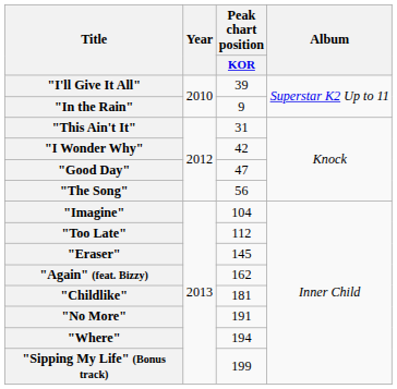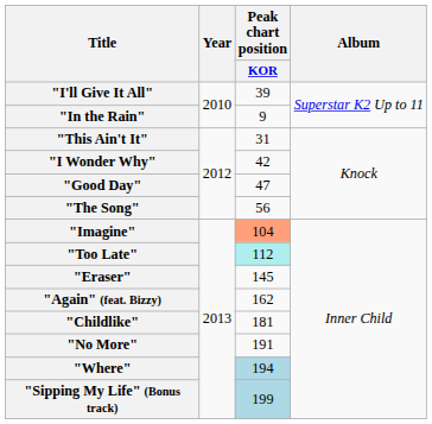 <table class="wikitable plainrowheaders" style="text-align:center;">
 <tr>
 <th scope="col" rowspan="2" style="width:13em;">Title</th>
 <th scope="col" rowspan="2">Year</th>
 <th scope="col" colspan="1">Peak chart position</th>
 <th scope="col" rowspan="2">Album</th>
 </tr>
 <tr>
 <th scope="col" style="width:2.5em;font-size:90%;"><a href='#'>KOR</a><br></th>
 </tr>
 <tr>
 <th scope="row">"I'll Give It All"</th>
 <td rowspan="2">2010</td>
 <td>39</td>
 <td rowspan="2"><em><a href='#'>Superstar K2</a> Up to 11</em></td>
 </tr>
 <tr>
 <th scope="row">"In the Rain"</th>
 <td>9</td>
 </tr>
 <tr>
 <th scope="row">"This Ain't It"</th>
 <td rowspan="4">2012</td>
 <td>31</td>
 <td rowspan="4"><em>Knock</em></td>
 </tr>
 <tr>
 <th scope="row">"I Wonder Why"</th>
 <td>42</td>
 </tr>
 <tr>
 <th scope="row">"Good Day"</th>
 <td>47</td>
 </tr>
 <tr>
 <th scope="row">"The Song"</th>
 <td>56</td>
 </tr>
 <tr>
 <th scope="row">"Imagine"</th>
 <td rowspan="8">2013</td>
-<td>104</td>
+<td style="background: lightsalmon;">104</td>
 <td rowspan="8"><em>Inner Child</em></td>
 </tr>
 <tr>
 <th scope="row">"Too Late"</th>
-<td>112</td>
+<td style="background: paleturquoise;">112</td>
 </tr>
 <tr>
 <th scope="row">"Eraser"</th>
 <td>145</td>
 </tr>
 <tr>
 <th scope="row">"Again" <small>(feat. Bizzy)</small></th>
 <td>162</td>
 </tr>
 <tr>
 <th scope="row">"Childlike"</th>
 <td>181</td>
 </tr>
 <tr>
 <th scope="row">"No More"</th>
 <td>191</td>
 </tr>
 <tr>
 <th scope="row">"Where"</th>
-<td>194</td>
+<td style="background: lightblue;">194</td>
 </tr>
 <tr>
 <th scope="row">"Sipping My Life" <small>(Bonus track)</small></th>
-<td>199</td>
+<td style="background: lightblue;">199</td>
 </tr>
 </table>
